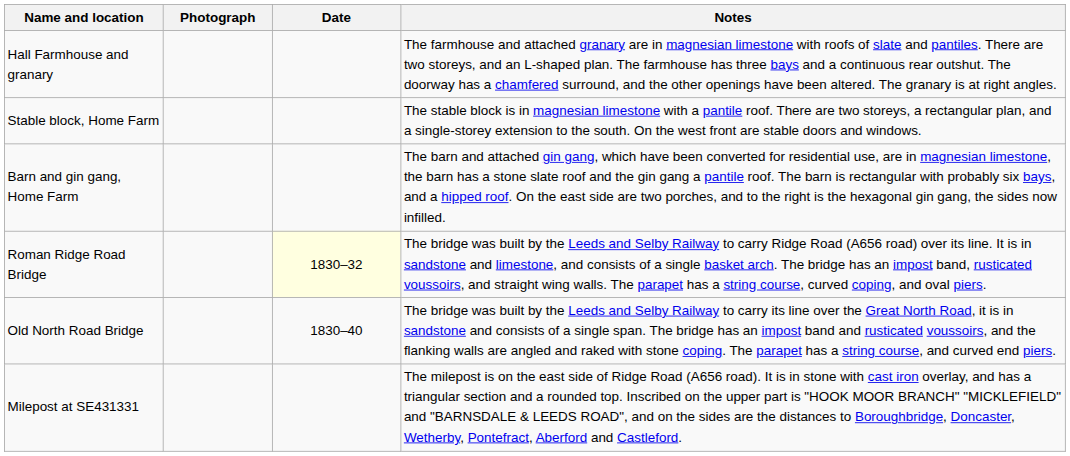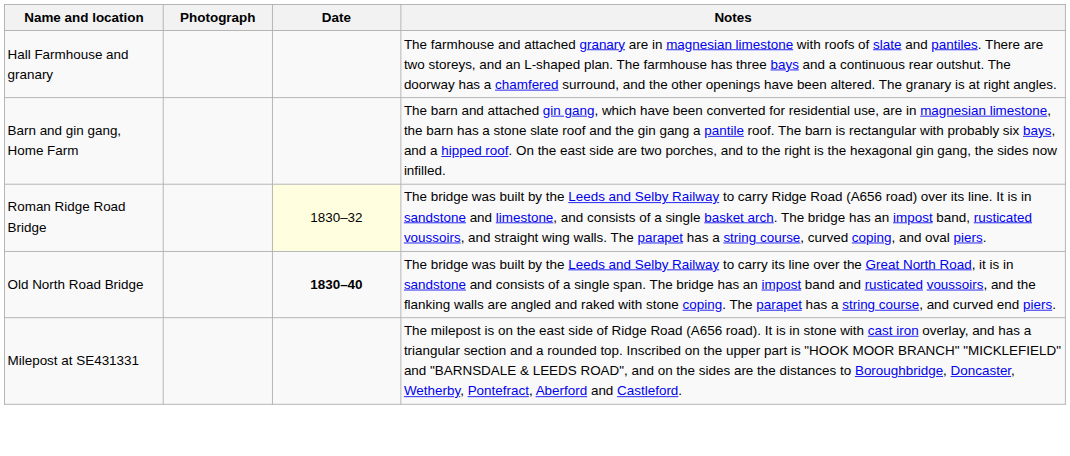 <table class="wikitable sortable plainrowheaders" style="width:100%;border:0px;text-align:left;line-height:150%;">
 <tr>
 <th scope="col"  style="width:150px">Name and location</th>
 <th scope="col"  style="width:100px" class="unsortable">Photograph</th>
 <th scope="col"  style="width:120px">Date</th>
 <th scope="col"  style="width:650px" class="unsortable">Notes</th>
 </tr>
 <tr>
 <td>Hall Farmhouse and granary<br><small></small></td>
 <td></td>
 <td align="center"></td>
 <td>The farmhouse and attached <a href='#'>granary</a> are in <a href='#'>magnesian limestone</a> with roofs of <a href='#'>slate</a> and <a href='#'>pantiles</a>.  There are two storeys, and an L-shaped plan.  The farmhouse has three <a href='#'>bays</a> and a continuous rear outshut.  The doorway has a <a href='#'>chamfered</a> surround, and the other openings have been altered.  The granary is at right angles.</td>
-</tr>
-<tr>
-<td>Stable block, Home Farm<br><small></small></td>
-<td></td>
-<td align="center"></td>
-<td>The stable block is in <a href='#'>magnesian limestone</a> with a <a href='#'>pantile</a> roof.  There are two storeys, a rectangular plan, and a single-storey extension to the south.  On the west front are stable doors and windows.</td>
 </tr>
 <tr>
 <td>Barn and gin gang, Home Farm<br><small></small></td>
 <td></td>
 <td align="center"></td>
 <td>The barn and attached <a href='#'>gin gang</a>, which have been converted for residential use, are in <a href='#'>magnesian limestone</a>, the barn has a stone slate roof and the gin gang a <a href='#'>pantile</a> roof.  The barn is rectangular with probably six <a href='#'>bays</a>, and a <a href='#'>hipped roof</a>.  On the east side are two porches, and to the right is the hexagonal gin gang, the sides now infilled.</td>
 </tr>
 <tr>
 <td>Roman Ridge Road Bridge<br><small></small></td>
 <td></td>
 <td align="center" style="background: lightyellow;">1830–32</td>
 <td>The bridge was built by the <a href='#'>Leeds and Selby Railway</a> to carry Ridge Road (A656 road) over its line.  It is in <a href='#'>sandstone</a> and <a href='#'>limestone</a>, and consists of a single <a href='#'>basket arch</a>.  The bridge has an <a href='#'>impost</a> band, <a href='#'>rusticated</a> <a href='#'>voussoirs</a>, and straight wing walls.  The <a href='#'>parapet</a> has a <a href='#'>string course</a>, curved <a href='#'>coping</a>, and oval <a href='#'>piers</a>.</td>
 </tr>
 <tr>
 <td>Old North Road Bridge<br><small></small></td>
 <td></td>
-<td align="center">1830–40</td>
+<td align="center"><strong>1830–40</strong></td>
 <td>The bridge was built by the <a href='#'>Leeds and Selby Railway</a> to carry its line over the <a href='#'>Great North Road</a>, it is in <a href='#'>sandstone</a> and consists of a single span.  The bridge has an <a href='#'>impost</a> band and <a href='#'>rusticated</a> <a href='#'>voussoirs</a>, and the flanking walls are angled and raked with stone <a href='#'>coping</a>.  The <a href='#'>parapet</a> has a <a href='#'>string course</a>, and curved end <a href='#'>piers</a>.</td>
 </tr>
 <tr>
 <td>Milepost at SE431331<br><small></small></td>
 <td></td>
 <td align="center"></td>
 <td>The milepost is on the east side of Ridge Road (A656 road).  It is in stone with <a href='#'>cast iron</a> overlay, and has a triangular section and a rounded top.  Inscribed on the upper part is "HOOK MOOR BRANCH" "MICKLEFIELD" and "BARNSDALE & LEEDS ROAD", and on the sides are the distances to <a href='#'>Boroughbridge</a>, <a href='#'>Doncaster</a>, <a href='#'>Wetherby</a>, <a href='#'>Pontefract</a>, <a href='#'>Aberford</a> and <a href='#'>Castleford</a>.</td>
 </tr>
 </table>
